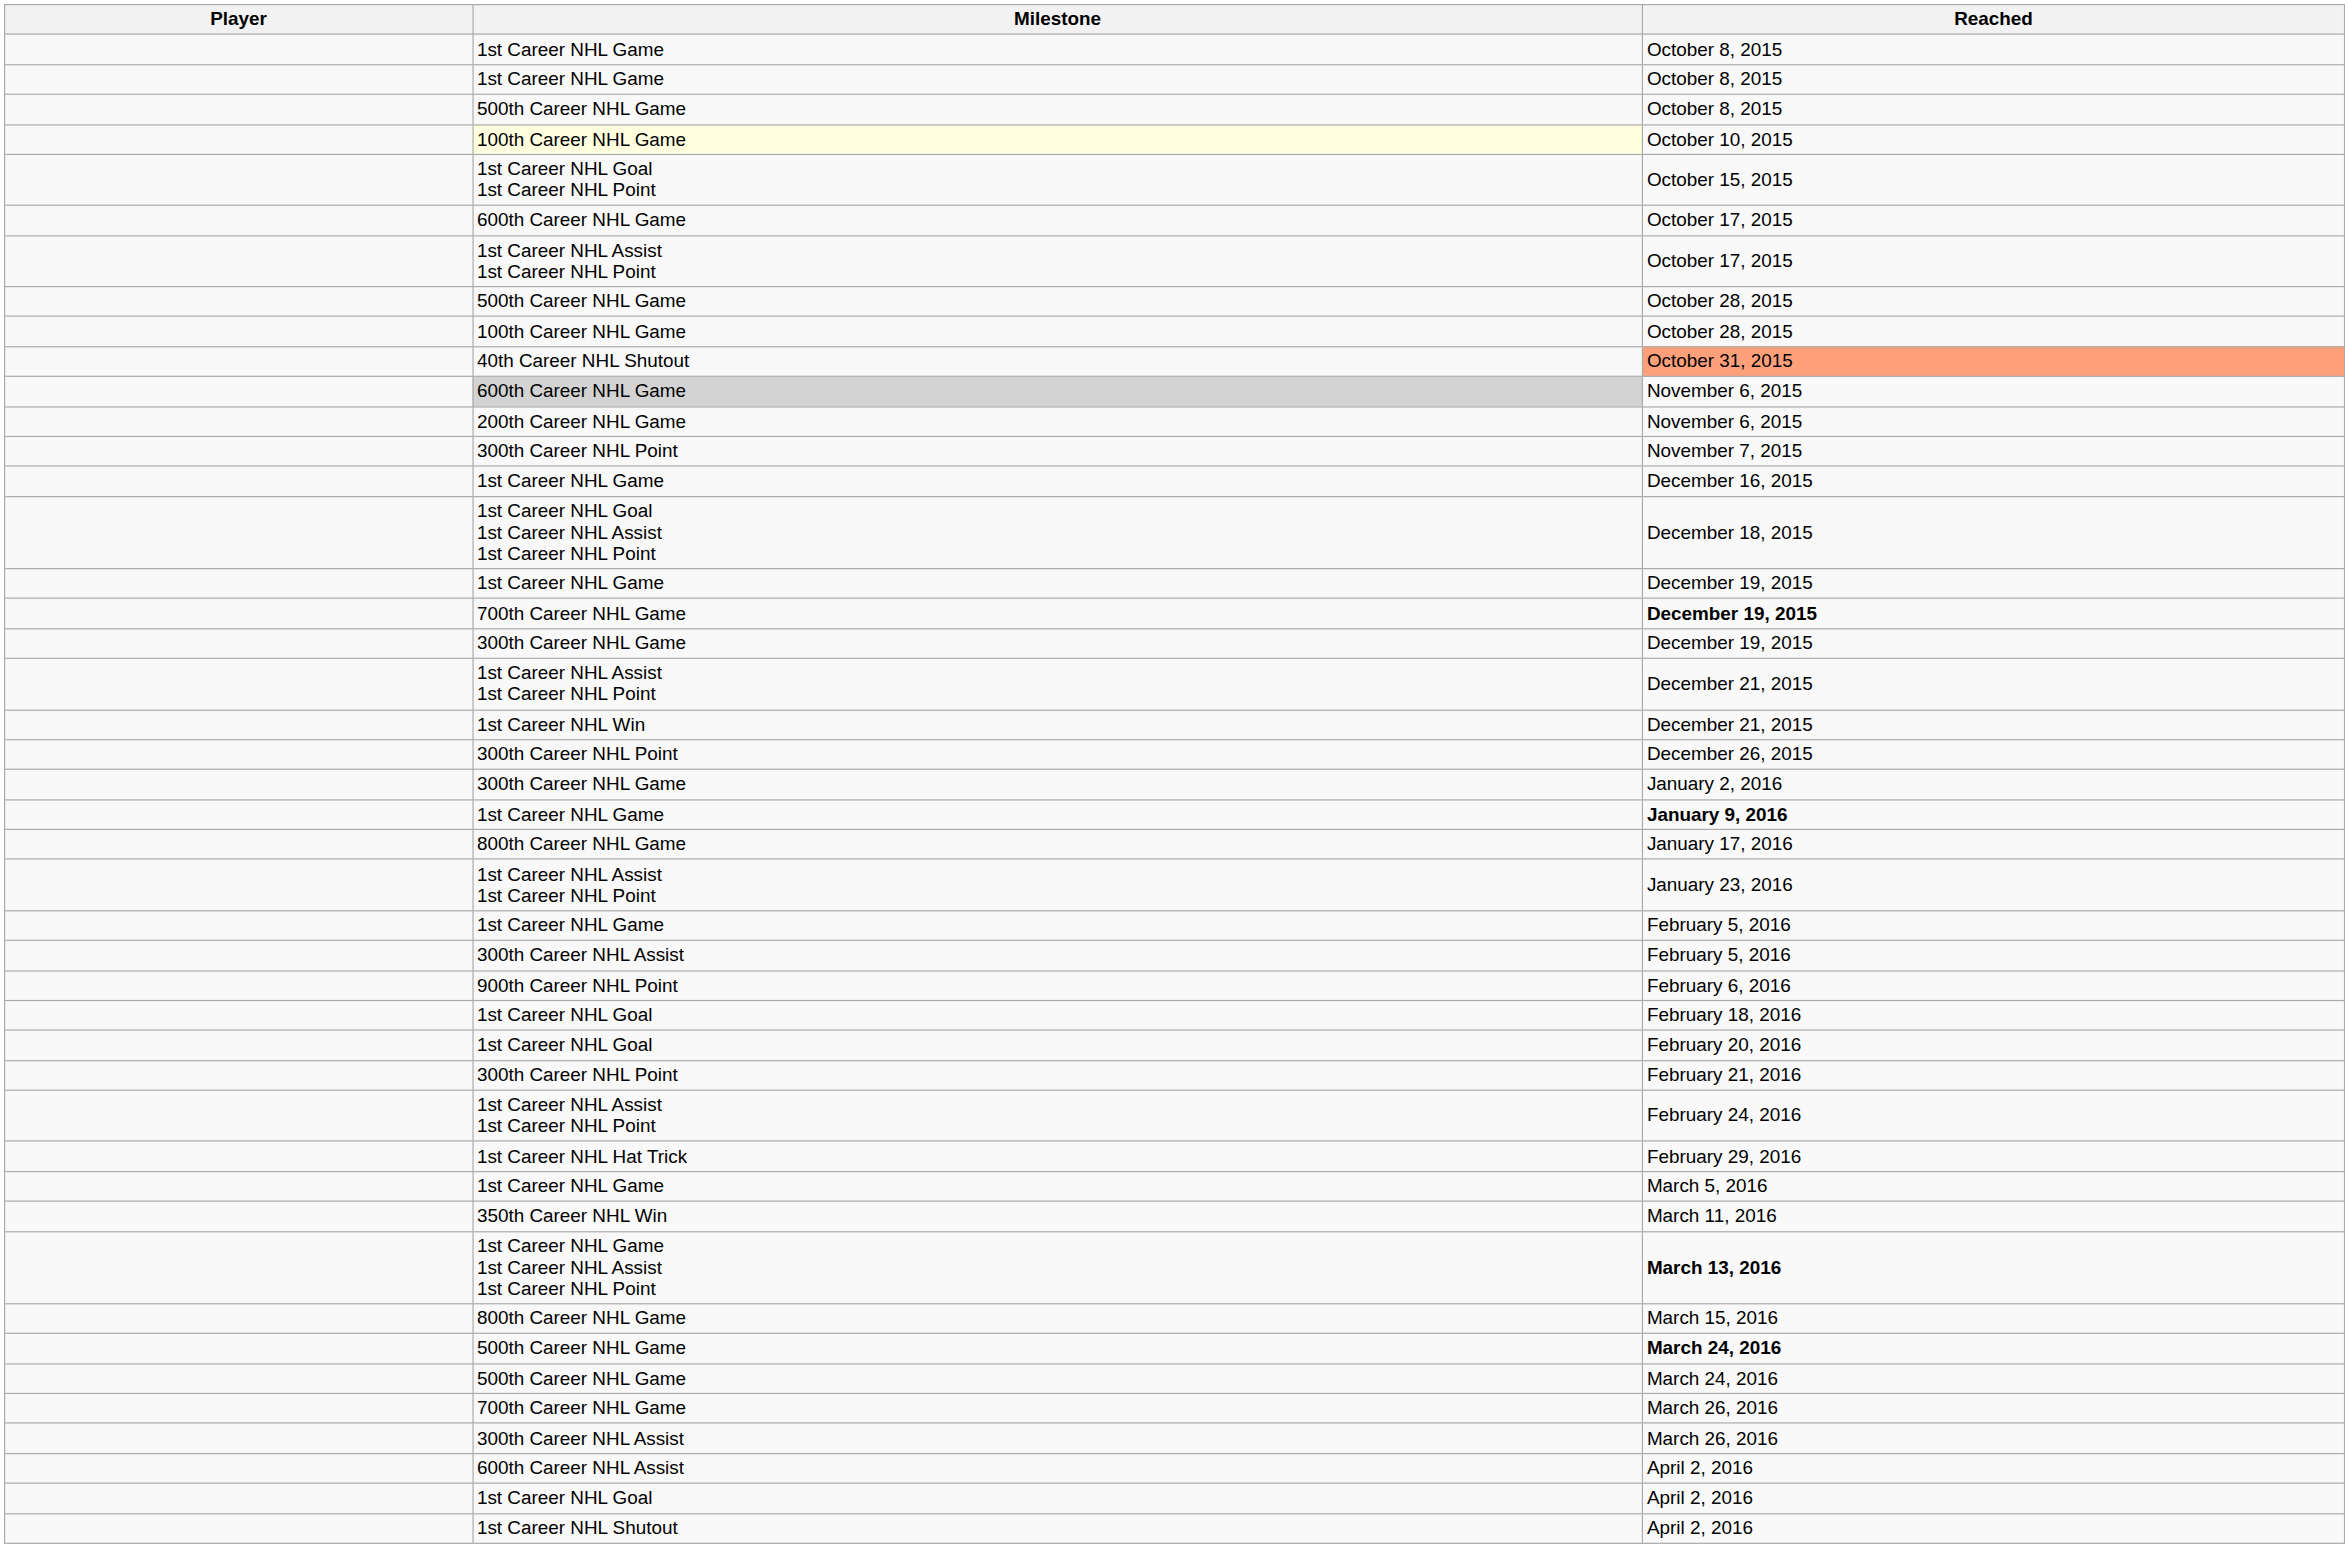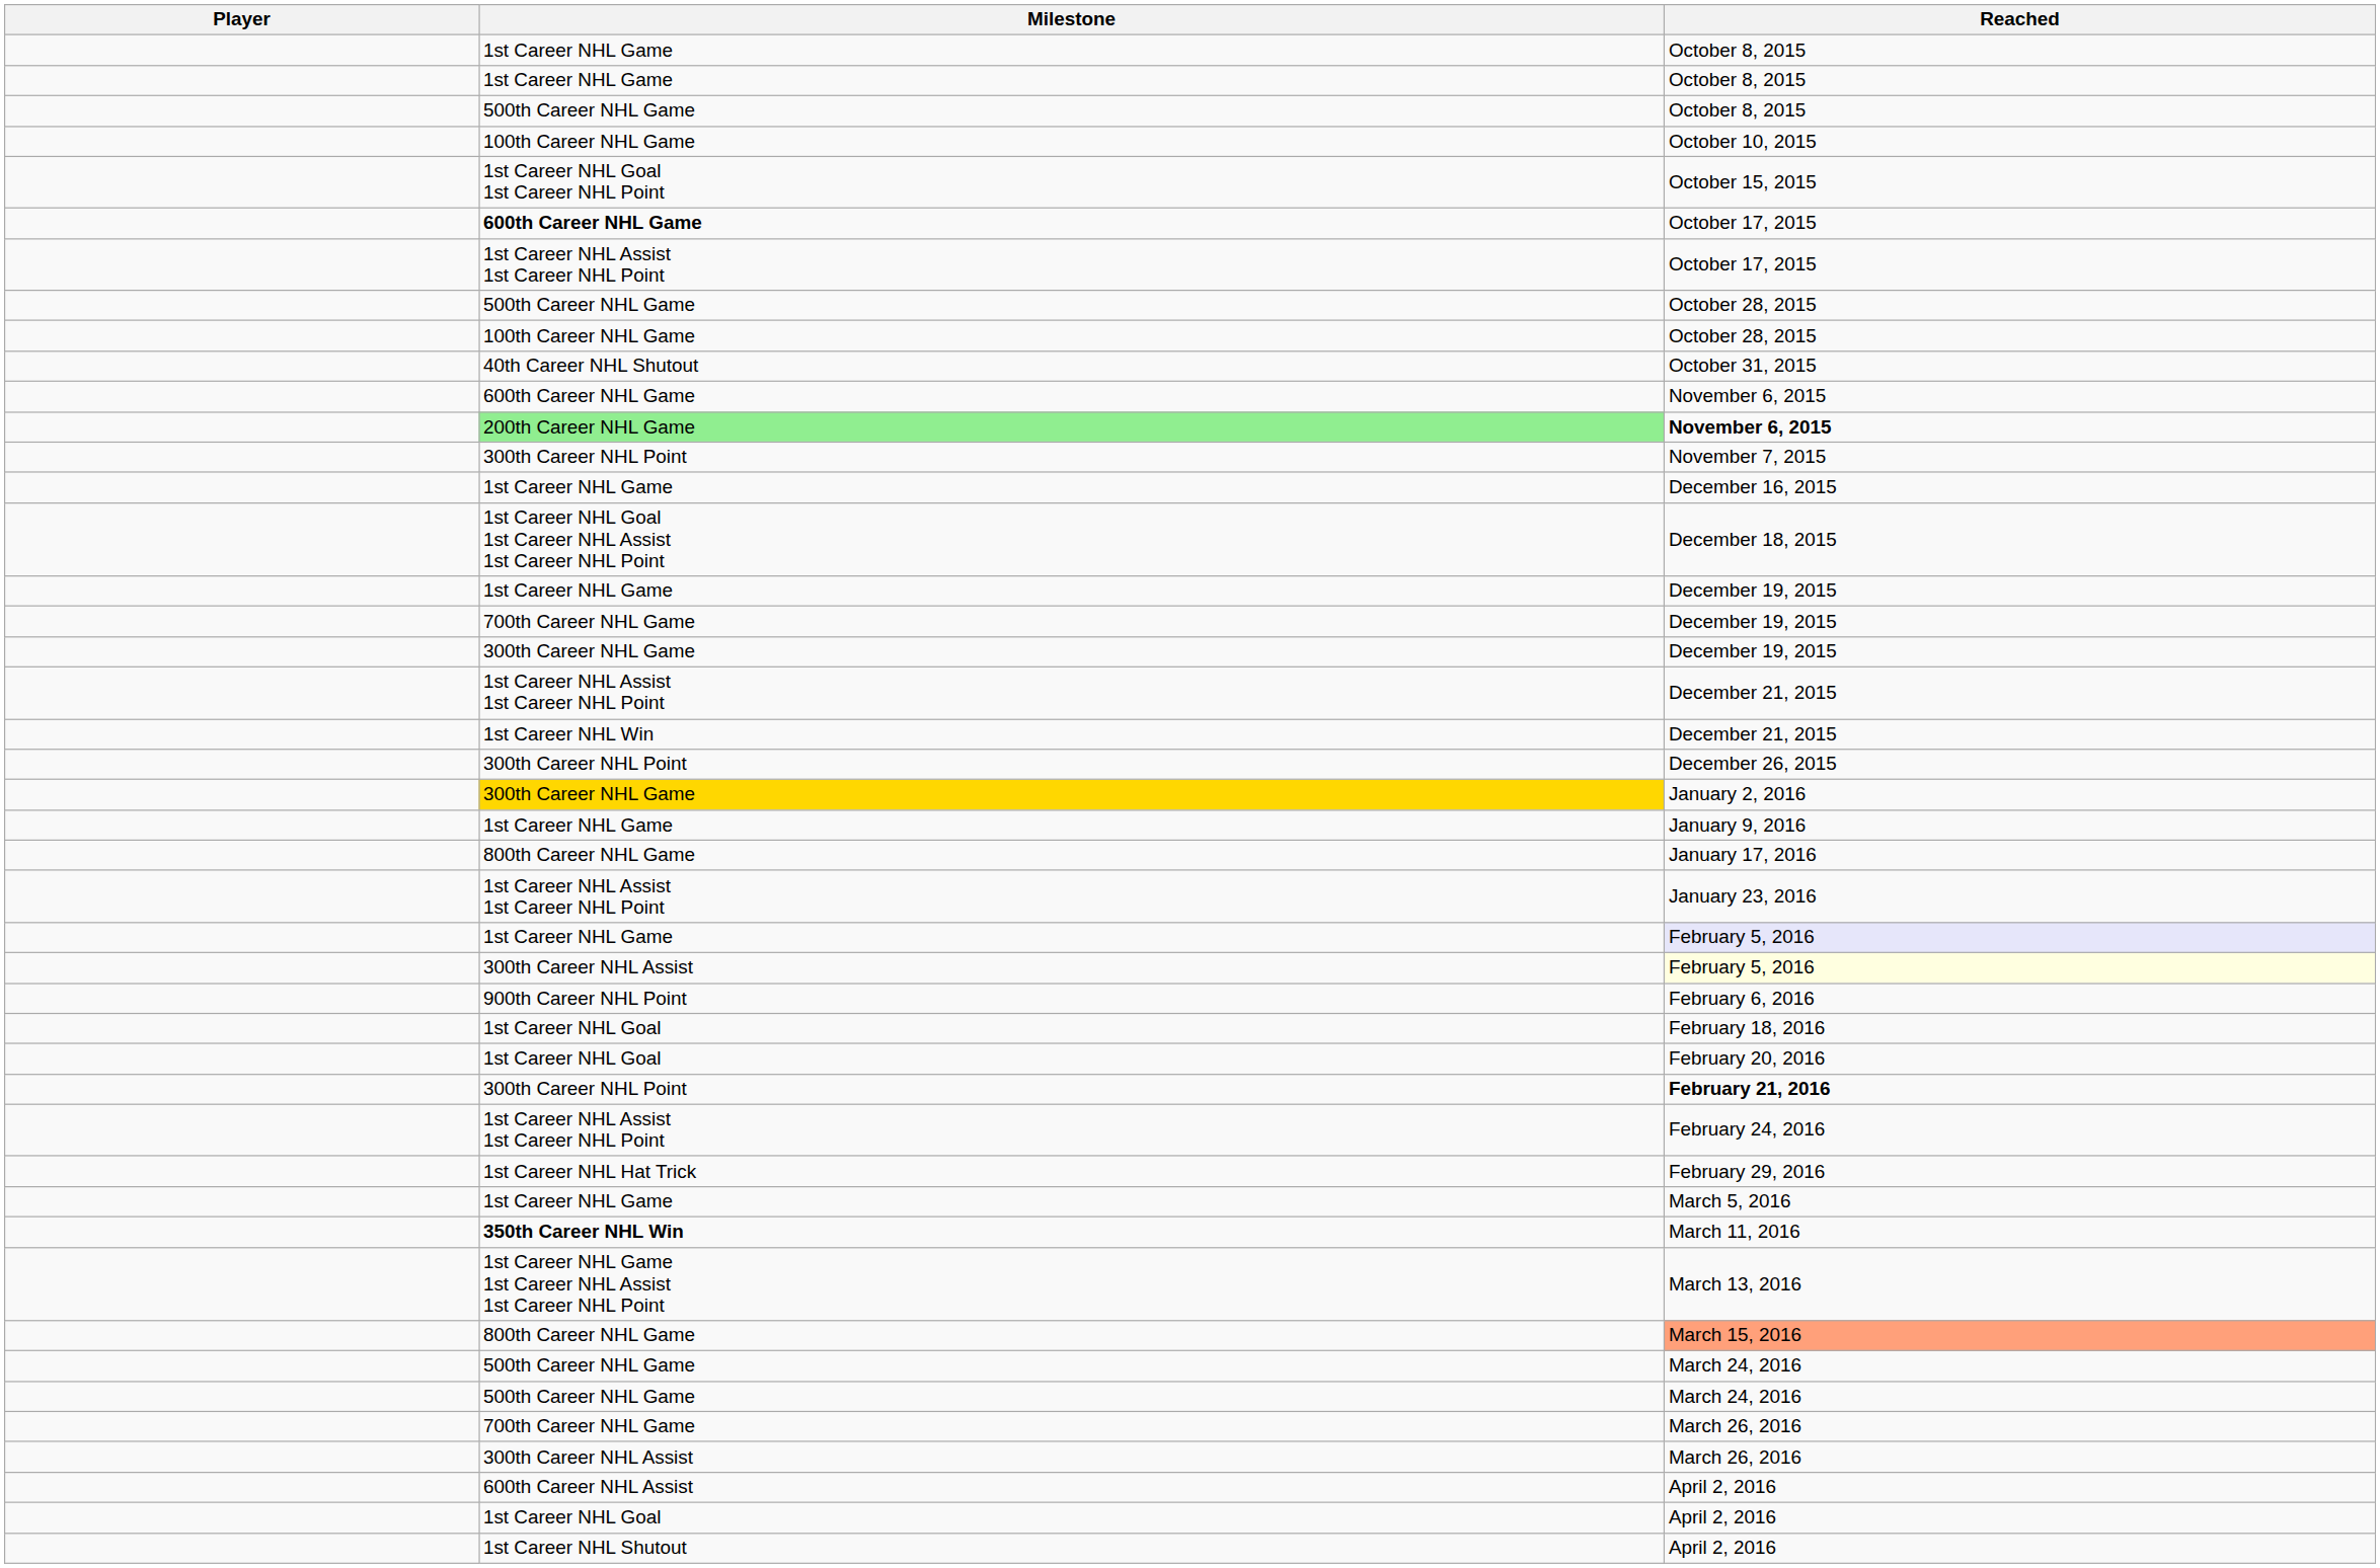 <table class="wikitable sortable" style="width:100%;">
 <tr align=center>
 <th style="width:20%;">Player</th>
 <th style="width:50%;">Milestone</th>
 <th style="width:30%;" data-sort-type="date">Reached</th>
 </tr>
 <tr>
 <td></td>
 <td>1st Career NHL Game</td>
 <td>October 8, 2015</td>
 </tr>
 <tr>
 <td></td>
 <td>1st Career NHL Game</td>
 <td>October 8, 2015</td>
 </tr>
 <tr>
 <td></td>
 <td>500th Career NHL Game</td>
 <td>October 8, 2015</td>
 </tr>
 <tr>
 <td></td>
-<td style="background: lightyellow;">100th Career NHL Game</td>
+<td>100th Career NHL Game</td>
 <td>October 10, 2015</td>
 </tr>
 <tr>
 <td></td>
 <td>1st Career NHL Goal<br>1st Career NHL Point</td>
 <td>October 15, 2015</td>
 </tr>
 <tr>
 <td></td>
-<td>600th Career NHL Game</td>
+<td><strong>600th Career NHL Game</strong></td>
 <td>October 17, 2015</td>
 </tr>
 <tr>
 <td></td>
 <td>1st Career NHL Assist<br>1st Career NHL Point</td>
 <td>October 17, 2015</td>
 </tr>
 <tr>
 <td></td>
 <td>500th Career NHL Game</td>
 <td>October 28, 2015</td>
 </tr>
 <tr>
 <td></td>
 <td>100th Career NHL Game</td>
 <td>October 28, 2015</td>
 </tr>
 <tr>
 <td></td>
 <td>40th Career NHL Shutout</td>
-<td style="background: lightsalmon;">October 31, 2015</td>
+<td>October 31, 2015</td>
 </tr>
 <tr>
 <td></td>
-<td style="background: lightgrey;">600th Career NHL Game</td>
+<td>600th Career NHL Game</td>
 <td>November 6, 2015</td>
 </tr>
 <tr>
 <td></td>
-<td>200th Career NHL Game</td>
-<td>November 6, 2015</td>
+<td style="background: lightgreen;">200th Career NHL Game</td>
+<td><strong>November 6, 2015</strong></td>
 </tr>
 <tr>
 <td></td>
 <td>300th Career NHL Point</td>
 <td>November 7, 2015</td>
 </tr>
 <tr>
 <td></td>
 <td>1st Career NHL Game</td>
 <td>December 16, 2015</td>
 </tr>
 <tr>
 <td></td>
 <td>1st Career NHL Goal<br>1st Career NHL Assist<br>1st Career NHL Point</td>
 <td>December 18, 2015</td>
 </tr>
 <tr>
 <td></td>
 <td>1st Career NHL Game</td>
 <td>December 19, 2015</td>
 </tr>
 <tr>
 <td></td>
 <td>700th Career NHL Game</td>
-<td><strong>December 19, 2015</strong></td>
+<td>December 19, 2015</td>
 </tr>
 <tr>
 <td></td>
 <td>300th Career NHL Game</td>
 <td>December 19, 2015</td>
 </tr>
 <tr>
 <td></td>
 <td>1st Career NHL Assist<br>1st Career NHL Point</td>
 <td>December 21, 2015</td>
 </tr>
 <tr>
 <td></td>
 <td>1st Career NHL Win</td>
 <td>December 21, 2015</td>
 </tr>
 <tr>
 <td></td>
 <td>300th Career NHL Point</td>
 <td>December 26, 2015</td>
 </tr>
 <tr>
 <td></td>
-<td>300th Career NHL Game</td>
+<td style="background: gold;">300th Career NHL Game</td>
 <td>January 2, 2016</td>
 </tr>
 <tr>
 <td></td>
 <td>1st Career NHL Game</td>
-<td><strong>January 9, 2016</strong></td>
+<td>January 9, 2016</td>
 </tr>
 <tr>
 <td></td>
 <td>800th Career NHL Game</td>
 <td>January 17, 2016</td>
 </tr>
 <tr>
 <td></td>
 <td>1st Career NHL Assist<br>1st Career NHL Point</td>
 <td>January 23, 2016</td>
 </tr>
 <tr>
 <td></td>
 <td>1st Career NHL Game</td>
-<td>February 5, 2016</td>
+<td style="background: lavender;">February 5, 2016</td>
 </tr>
 <tr>
 <td></td>
 <td>300th Career NHL Assist</td>
-<td>February 5, 2016</td>
+<td style="background: lightyellow;">February 5, 2016</td>
 </tr>
 <tr>
 <td></td>
 <td>900th Career NHL Point</td>
 <td>February 6, 2016</td>
 </tr>
 <tr>
 <td></td>
 <td>1st Career NHL Goal</td>
 <td>February 18, 2016</td>
 </tr>
 <tr>
 <td></td>
 <td>1st Career NHL Goal</td>
 <td>February 20, 2016</td>
 </tr>
 <tr>
 <td></td>
 <td>300th Career NHL Point</td>
-<td>February 21, 2016</td>
+<td><strong>February 21, 2016</strong></td>
 </tr>
 <tr>
 <td></td>
 <td>1st Career NHL Assist<br>1st Career NHL Point</td>
 <td>February 24, 2016</td>
 </tr>
 <tr>
 <td></td>
 <td>1st Career NHL Hat Trick</td>
 <td>February 29, 2016</td>
 </tr>
 <tr>
 <td></td>
 <td>1st Career NHL Game</td>
 <td>March 5, 2016</td>
 </tr>
 <tr>
 <td></td>
-<td>350th Career NHL Win</td>
+<td><strong>350th Career NHL Win</strong></td>
 <td>March 11, 2016</td>
 </tr>
 <tr>
 <td></td>
 <td>1st Career NHL Game<br>1st Career NHL Assist<br>1st Career NHL Point</td>
-<td><strong>March 13, 2016</strong></td>
+<td>March 13, 2016</td>
 </tr>
 <tr>
 <td></td>
 <td>800th Career NHL Game</td>
-<td>March 15, 2016</td>
+<td style="background: lightsalmon;">March 15, 2016</td>
 </tr>
 <tr>
 <td></td>
 <td>500th Career NHL Game</td>
-<td><strong>March 24, 2016</strong></td>
+<td>March 24, 2016</td>
 </tr>
 <tr>
 <td></td>
 <td>500th Career NHL Game</td>
 <td>March 24, 2016</td>
 </tr>
 <tr>
 <td></td>
 <td>700th Career NHL Game</td>
 <td>March 26, 2016</td>
 </tr>
 <tr>
 <td></td>
 <td>300th Career NHL Assist</td>
 <td>March 26, 2016</td>
 </tr>
 <tr>
 <td></td>
 <td>600th Career NHL Assist</td>
 <td>April 2, 2016</td>
 </tr>
 <tr>
 <td></td>
 <td>1st Career NHL Goal</td>
 <td>April 2, 2016</td>
 </tr>
 <tr>
 <td></td>
 <td>1st Career NHL Shutout</td>
 <td>April 2, 2016</td>
 </tr>
 </table>
